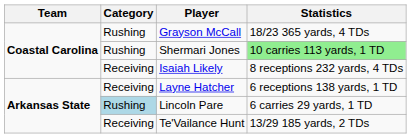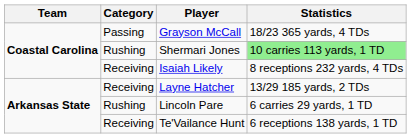 <table class="wikitable" style="float: left;">
 <tr>
 <th>Team</th>
 <th>Category</th>
 <th>Player</th>
 <th>Statistics</th>
 </tr>
 <tr>
 <td rowspan=3><strong>Coastal Carolina</strong></td>
-<td>Rushing</td>
+<td>Passing</td>
 <td><a href='#'>Grayson McCall</a></td>
 <td>18/23 365 yards, 4 TDs</td>
 </tr>
 <tr>
 <td>Rushing</td>
 <td>Shermari Jones</td>
 <td style="background: lightgreen;">10 carries 113 yards, 1 TD</td>
 </tr>
 <tr>
 <td>Receiving</td>
 <td><a href='#'>Isaiah Likely</a></td>
 <td>8 receptions 232 yards, 4 TDs</td>
 </tr>
 <tr>
 <td rowspan=3><strong>Arkansas State</strong></td>
 <td>Receiving</td>
 <td><a href='#'>Layne Hatcher</a></td>
-<td>6 receptions 138 yards, 1 TD</td>
+<td>13/29 185 yards, 2 TDs</td>
 </tr>
 <tr>
-<td style="background: lightblue;">Rushing</td>
+<td>Rushing</td>
 <td>Lincoln Pare</td>
 <td>6 carries 29 yards, 1 TD</td>
 </tr>
 <tr>
 <td>Receiving</td>
 <td>Te'Vailance Hunt</td>
-<td>13/29 185 yards, 2 TDs</td>
+<td>6 receptions 138 yards, 1 TD</td>
 </tr>
 </table>
